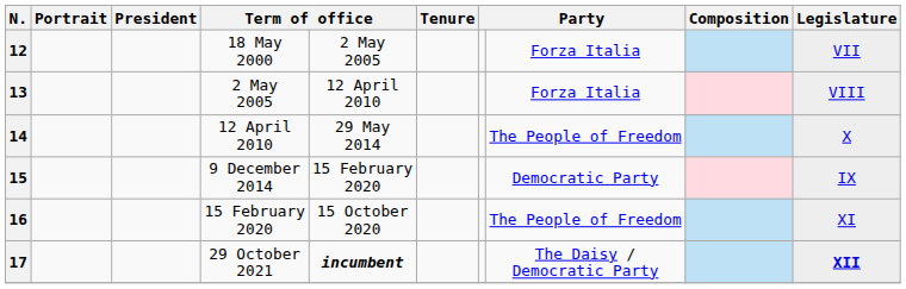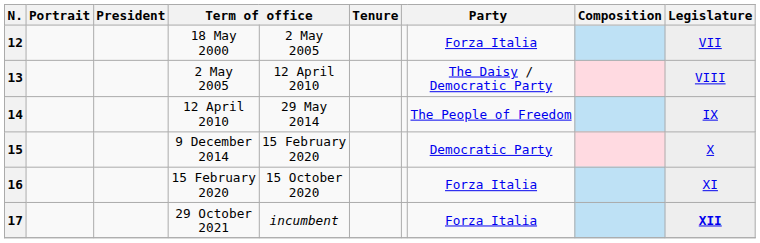 <table class=wikitable style=text-align:center>
 <tr>
 <th>N.</th>
 <th>Portrait</th>
 <th>President</th>
 <th colspan=2>Term of office</th>
 <th>Tenure<br></th>
 <th colspan=2>Party</th>
 <th>Composition</th>
 <th>Legislature</th>
 </tr>
 <tr>
 <th>12</th>
 <td></td>
 <td></td>
 <td>18 May<br>2000</td>
 <td>2 May<br>2005</td>
 <td></td>
 <td></td>
 <td><a href='#'>Forza Italia</a></td>
 <td bgcolor=#BEE1F5></td>
 <td bgcolor=#EEEEEE><a href='#'>VII<br></a></td>
 </tr>
 <tr>
 <th>13</th>
 <td></td>
 <td></td>
 <td>2 May<br>2005</td>
 <td>12 April<br>2010</td>
 <td></td>
 <td></td>
-<td><a href='#'>Forza Italia</a></td>
+<td><a href='#'>The Daisy</a> /<br><a href='#'>Democratic Party</a></td>
 <td bgcolor=#FFDAE1></td>
 <td bgcolor=#EEEEEE><a href='#'>VIII<br></a></td>
 </tr>
 <tr>
 <th>14</th>
 <td></td>
 <td></td>
 <td>12 April<br>2010</td>
 <td>29 May<br>2014</td>
 <td></td>
 <td></td>
 <td><a href='#'>The People of Freedom</a></td>
 <td bgcolor=#BEE1F5></td>
-<td bgcolor=#EEEEEE><a href='#'>X<br></a></td>
+<td bgcolor=#EEEEEE><a href='#'>IX<br></a></td>
 </tr>
 <tr>
 <th>15</th>
 <td></td>
 <td></td>
 <td>9 December<br>2014</td>
 <td>15 February<br>2020</td>
 <td></td>
 <td></td>
 <td><a href='#'>Democratic Party</a></td>
 <td bgcolor=#FFDAE1></td>
-<td bgcolor=#EEEEEE><a href='#'>IX<br></a></td>
+<td bgcolor=#EEEEEE><a href='#'>X<br></a></td>
 </tr>
 <tr>
 <th>16</th>
 <td></td>
 <td></td>
 <td>15 February<br>2020</td>
 <td>15 October<br>2020</td>
 <td></td>
 <td></td>
-<td><a href='#'>The People of Freedom</a></td>
+<td><a href='#'>Forza Italia</a></td>
 <td bgcolor=#BEE1F5></td>
 <td bgcolor=#EEEEEE><a href='#'>XI<br></a></td>
 </tr>
 <tr>
 <th>17</th>
 <td></td>
 <td></td>
 <td>29 October<br>2021</td>
-<td><strong><em>incumbent</em></strong></td>
+<td><em>incumbent</em></td>
 <td></td>
 <td></td>
-<td><a href='#'>The Daisy</a> /<br><a href='#'>Democratic Party</a></td>
+<td><a href='#'>Forza Italia</a></td>
 <td bgcolor=#BEE1F5></td>
 <td bgcolor=#EEEEEE><strong><a href='#'>XII<br></a></strong></td>
 </tr>
 <tr>
 </tr>
 </table>
